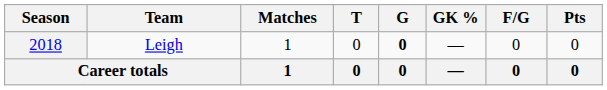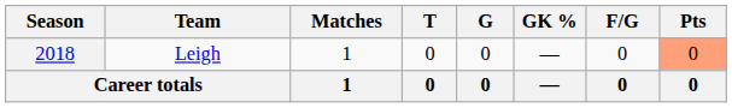 <table class="wikitable sortable"  style="font-size:90%; text-align:center; width:85%;">
 <tr>
 <th width=2%>Season</th>
 <th width=8%>Team</th>
 <th width=2%>Matches</th>
 <th width=2%>T</th>
 <th width=2%>G</th>
 <th width=2%>GK %</th>
 <th width=2%>F/G</th>
 <th width=2%>Pts</th>
 </tr>
 <tr>
 <th scope="row" style="text-align:center; font-weight:normal"><a href='#'>2018</a></th>
 <td style="text-align:center;"> <a href='#'>Leigh</a></td>
 <td>1</td>
 <td>0</td>
-<td><strong>0</strong></td>
+<td>0</td>
 <td>—</td>
 <td>0</td>
-<td>0</td>
+<td style="background: lightsalmon;">0</td>
 </tr>
 <tr class="sortbottom">
 <th colspan=2>Career totals</th>
 <th>1</th>
 <th>0</th>
 <th>0</th>
 <th>—</th>
 <th>0</th>
 <th>0</th>
 </tr>
 </table>
